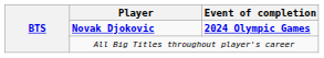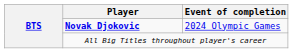 <table class="wikitable nowrap">
 <tr>
 <th rowspan="3" width="80"><a href='#'>BTS</a></th>
 <th>Player</th>
 <th>Event of completion</th>
 </tr>
 <tr>
 <td width="170"> <strong><a href='#'>Novak Djokovic</a></strong></td>
-<td><strong><a href='#'>2024 Olympic Games</a></strong></td>
+<td><a href='#'>2024 Olympic Games</a></td>
 </tr>
 <tr>
 <td colspan="2" align="center"><small><em>All Big Titles throughout player's career</em></small></td>
 </tr>
 </table>
